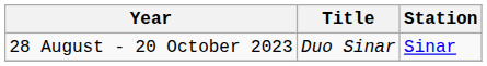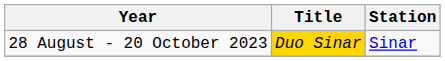 <table class="wikitable">
 <tr>
 <th>Year</th>
 <th>Title</th>
 <th>Station</th>
 </tr>
 <tr>
 <td>28 August - 20 October 2023</td>
-<td><em>Duo Sinar</em></td>
+<td style="background: gold;"><em>Duo Sinar</em></td>
 <td><a href='#'>Sinar</a></td>
 </tr>
 <tr>
 </tr>
 </table>
